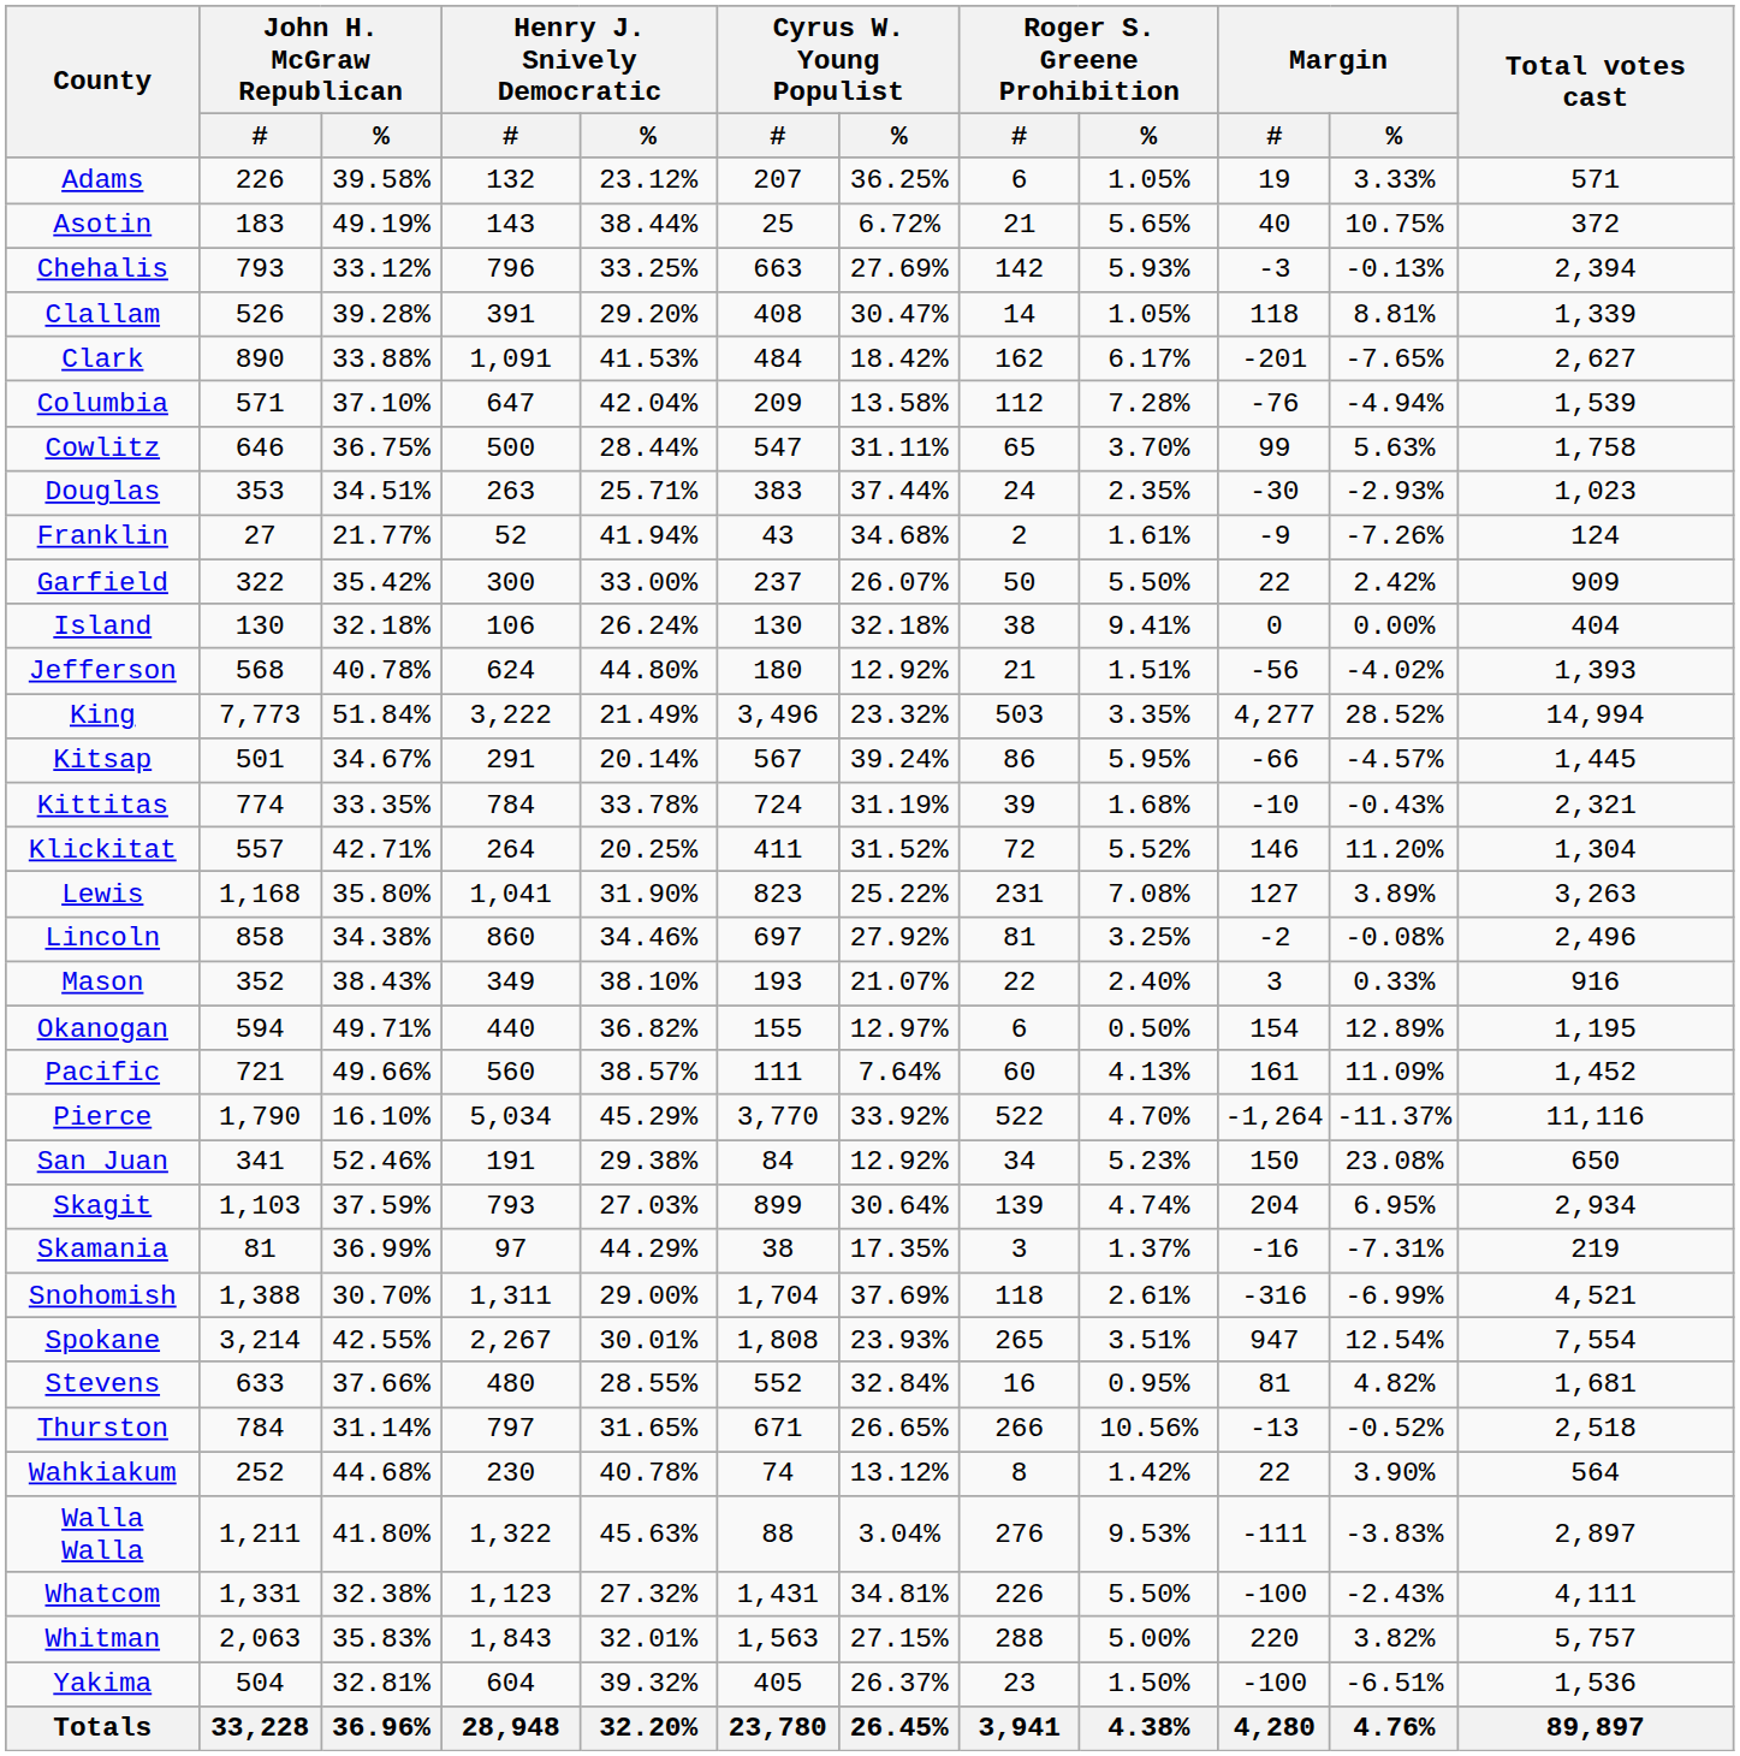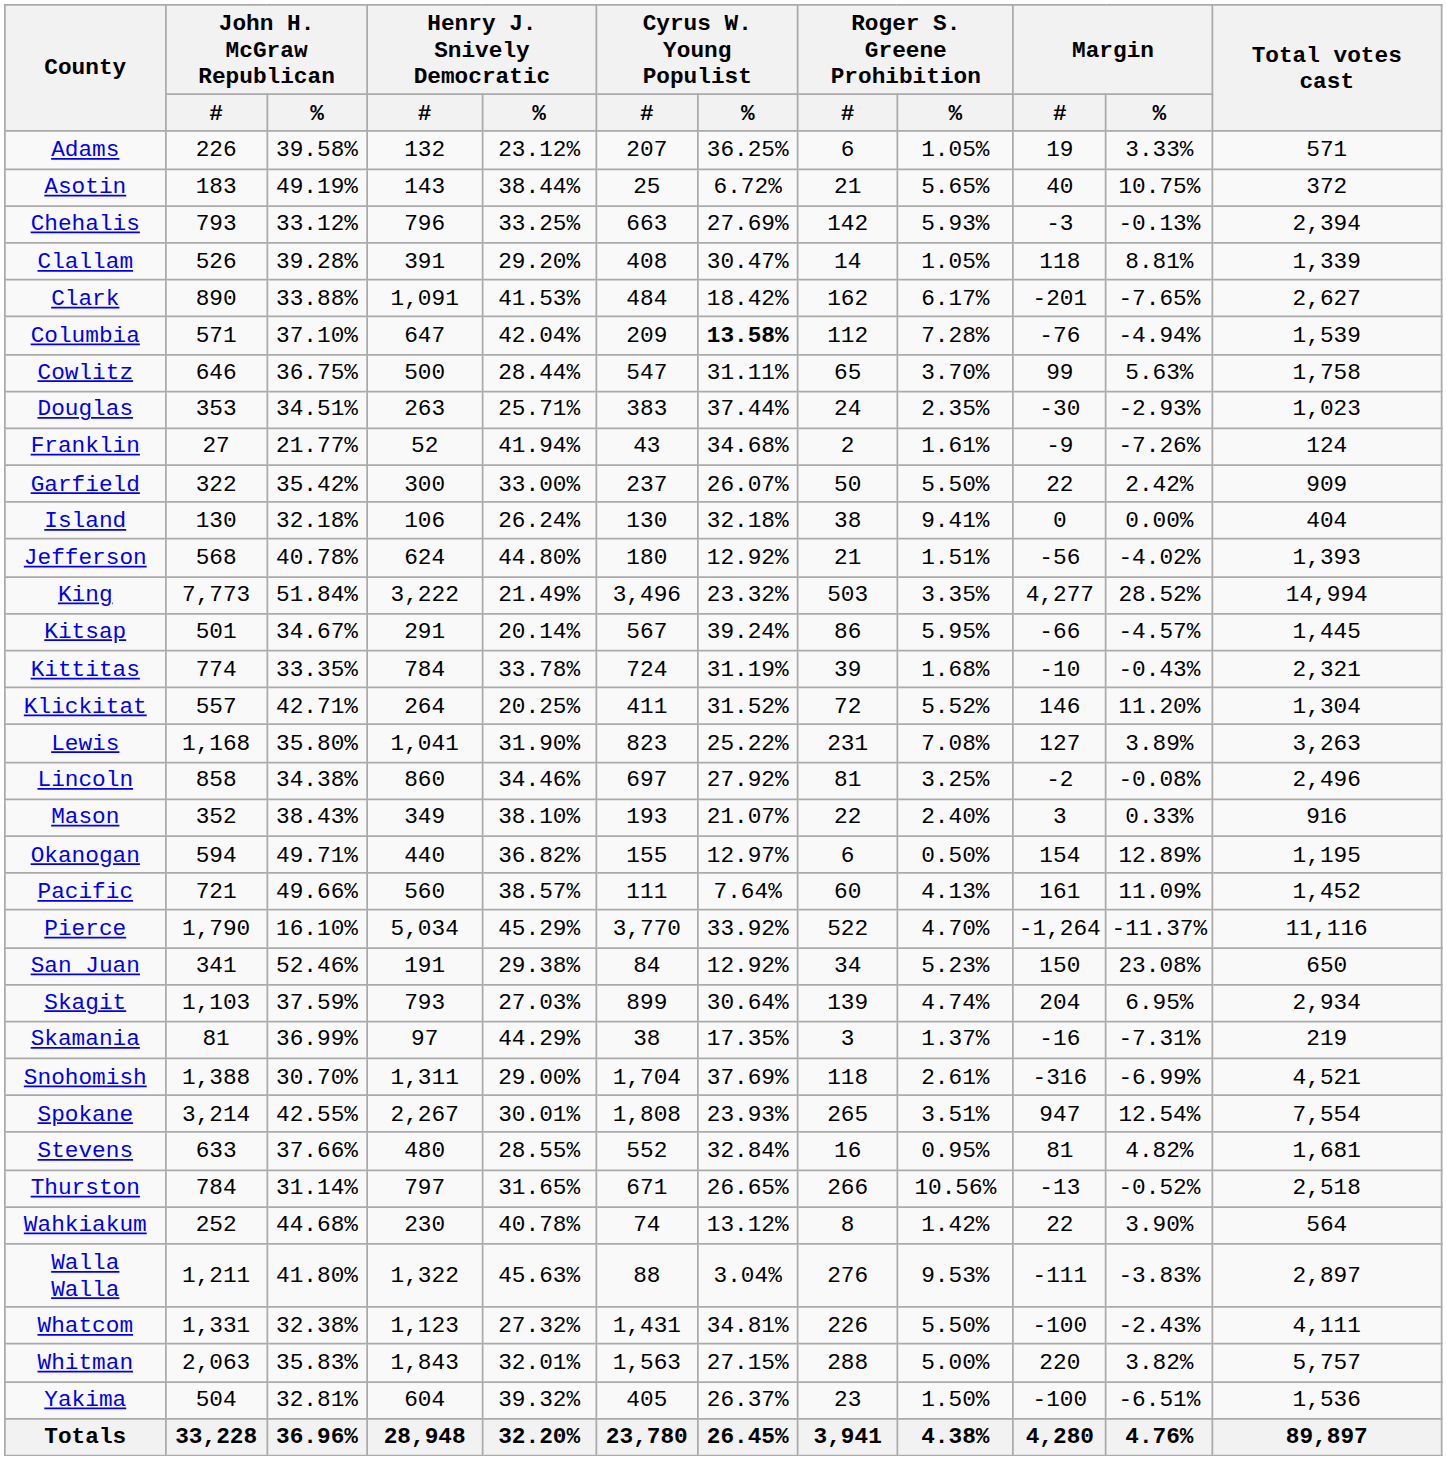 <table width="65%" class="wikitable sortable">
 <tr>
 <th style="text-align:center;" rowspan="2">County</th>
 <th style="text-align:center;" colspan="2">John H. McGraw<br>Republican</th>
 <th style="text-align:center;" colspan="2">Henry J. Snively<br>Democratic</th>
 <th style="text-align:center;" colspan="2">Cyrus W. Young<br>Populist</th>
 <th style="text-align:center;" colspan="2">Roger S. Greene<br>Prohibition</th>
 <th style="text-align:center;" colspan="2">Margin</th>
 <th style="text-align:center;" rowspan="2">Total votes cast</th>
 </tr>
 <tr bgcolor="lightgrey">
 <th style="text-align:center;" data-sort-type="number">#</th>
 <th style="text-align:center;" data-sort-type="number">%</th>
 <th style="text-align:center;" data-sort-type="number">#</th>
 <th style="text-align:center;" data-sort-type="number">%</th>
 <th style="text-align:center;" data-sort-type="number">#</th>
 <th style="text-align:center;" data-sort-type="number">%</th>
 <th style="text-align:center;" data-sort-type="number">#</th>
 <th style="text-align:center;" data-sort-type="number">%</th>
 <th style="text-align:center;" data-sort-type="number">#</th>
 <th style="text-align:center;" data-sort-type="number">%</th>
 </tr>
 <tr style="text-align:center;">
 <td><a href='#'>Adams</a></td>
 <td>226</td>
 <td>39.58%</td>
 <td>132</td>
 <td>23.12%</td>
 <td>207</td>
 <td>36.25%</td>
 <td>6</td>
 <td>1.05%</td>
 <td>19</td>
 <td>3.33%</td>
 <td>571</td>
 </tr>
 <tr style="text-align:center;">
 <td><a href='#'>Asotin</a></td>
 <td>183</td>
 <td>49.19%</td>
 <td>143</td>
 <td>38.44%</td>
 <td>25</td>
 <td>6.72%</td>
 <td>21</td>
 <td>5.65%</td>
 <td>40</td>
 <td>10.75%</td>
 <td>372</td>
 </tr>
 <tr style="text-align:center;">
 <td><a href='#'>Chehalis</a></td>
 <td>793</td>
 <td>33.12%</td>
 <td>796</td>
 <td>33.25%</td>
 <td>663</td>
 <td>27.69%</td>
 <td>142</td>
 <td>5.93%</td>
 <td>-3</td>
 <td>-0.13%</td>
 <td>2,394</td>
 </tr>
 <tr style="text-align:center;">
 <td><a href='#'>Clallam</a></td>
 <td>526</td>
 <td>39.28%</td>
 <td>391</td>
 <td>29.20%</td>
 <td>408</td>
 <td>30.47%</td>
 <td>14</td>
 <td>1.05%</td>
 <td>118</td>
 <td>8.81%</td>
 <td>1,339</td>
 </tr>
 <tr style="text-align:center;">
 <td><a href='#'>Clark</a></td>
 <td>890</td>
 <td>33.88%</td>
 <td>1,091</td>
 <td>41.53%</td>
 <td>484</td>
 <td>18.42%</td>
 <td>162</td>
 <td>6.17%</td>
 <td>-201</td>
 <td>-7.65%</td>
 <td>2,627</td>
 </tr>
 <tr style="text-align:center;">
 <td><a href='#'>Columbia</a></td>
 <td>571</td>
 <td>37.10%</td>
 <td>647</td>
 <td>42.04%</td>
 <td>209</td>
-<td>13.58%</td>
+<td><strong>13.58%</strong></td>
 <td>112</td>
 <td>7.28%</td>
 <td>-76</td>
 <td>-4.94%</td>
 <td>1,539</td>
 </tr>
 <tr style="text-align:center;">
 <td><a href='#'>Cowlitz</a></td>
 <td>646</td>
 <td>36.75%</td>
 <td>500</td>
 <td>28.44%</td>
 <td>547</td>
 <td>31.11%</td>
 <td>65</td>
 <td>3.70%</td>
 <td>99</td>
 <td>5.63%</td>
 <td>1,758</td>
 </tr>
 <tr style="text-align:center;">
 <td><a href='#'>Douglas</a></td>
 <td>353</td>
 <td>34.51%</td>
 <td>263</td>
 <td>25.71%</td>
 <td>383</td>
 <td>37.44%</td>
 <td>24</td>
 <td>2.35%</td>
 <td>-30</td>
 <td>-2.93%</td>
 <td>1,023</td>
 </tr>
 <tr style="text-align:center;">
 <td><a href='#'>Franklin</a></td>
 <td>27</td>
 <td>21.77%</td>
 <td>52</td>
 <td>41.94%</td>
 <td>43</td>
 <td>34.68%</td>
 <td>2</td>
 <td>1.61%</td>
 <td>-9</td>
 <td>-7.26%</td>
 <td>124</td>
 </tr>
 <tr style="text-align:center;">
 <td><a href='#'>Garfield</a></td>
 <td>322</td>
 <td>35.42%</td>
 <td>300</td>
 <td>33.00%</td>
 <td>237</td>
 <td>26.07%</td>
 <td>50</td>
 <td>5.50%</td>
 <td>22</td>
 <td>2.42%</td>
 <td>909</td>
 </tr>
 <tr style="text-align:center;">
 <td><a href='#'>Island</a></td>
 <td>130</td>
 <td>32.18%</td>
 <td>106</td>
 <td>26.24%</td>
 <td>130</td>
 <td>32.18%</td>
 <td>38</td>
 <td>9.41%</td>
 <td>0</td>
 <td>0.00%</td>
 <td>404</td>
 </tr>
 <tr style="text-align:center;">
 <td><a href='#'>Jefferson</a></td>
 <td>568</td>
 <td>40.78%</td>
 <td>624</td>
 <td>44.80%</td>
 <td>180</td>
 <td>12.92%</td>
 <td>21</td>
 <td>1.51%</td>
 <td>-56</td>
 <td>-4.02%</td>
 <td>1,393</td>
 </tr>
 <tr style="text-align:center;">
 <td><a href='#'>King</a></td>
 <td>7,773</td>
 <td>51.84%</td>
 <td>3,222</td>
 <td>21.49%</td>
 <td>3,496</td>
 <td>23.32%</td>
 <td>503</td>
 <td>3.35%</td>
 <td>4,277</td>
 <td>28.52%</td>
 <td>14,994</td>
 </tr>
 <tr style="text-align:center;">
 <td><a href='#'>Kitsap</a></td>
 <td>501</td>
 <td>34.67%</td>
 <td>291</td>
 <td>20.14%</td>
 <td>567</td>
 <td>39.24%</td>
 <td>86</td>
 <td>5.95%</td>
 <td>-66</td>
 <td>-4.57%</td>
 <td>1,445</td>
 </tr>
 <tr style="text-align:center;">
 <td><a href='#'>Kittitas</a></td>
 <td>774</td>
 <td>33.35%</td>
 <td>784</td>
 <td>33.78%</td>
 <td>724</td>
 <td>31.19%</td>
 <td>39</td>
 <td>1.68%</td>
 <td>-10</td>
 <td>-0.43%</td>
 <td>2,321</td>
 </tr>
 <tr style="text-align:center;">
 <td><a href='#'>Klickitat</a></td>
 <td>557</td>
 <td>42.71%</td>
 <td>264</td>
 <td>20.25%</td>
 <td>411</td>
 <td>31.52%</td>
 <td>72</td>
 <td>5.52%</td>
 <td>146</td>
 <td>11.20%</td>
 <td>1,304</td>
 </tr>
 <tr style="text-align:center;">
 <td><a href='#'>Lewis</a></td>
 <td>1,168</td>
 <td>35.80%</td>
 <td>1,041</td>
 <td>31.90%</td>
 <td>823</td>
 <td>25.22%</td>
 <td>231</td>
 <td>7.08%</td>
 <td>127</td>
 <td>3.89%</td>
 <td>3,263</td>
 </tr>
 <tr style="text-align:center;">
 <td><a href='#'>Lincoln</a></td>
 <td>858</td>
 <td>34.38%</td>
 <td>860</td>
 <td>34.46%</td>
 <td>697</td>
 <td>27.92%</td>
 <td>81</td>
 <td>3.25%</td>
 <td>-2</td>
 <td>-0.08%</td>
 <td>2,496</td>
 </tr>
 <tr style="text-align:center;">
 <td><a href='#'>Mason</a></td>
 <td>352</td>
 <td>38.43%</td>
 <td>349</td>
 <td>38.10%</td>
 <td>193</td>
 <td>21.07%</td>
 <td>22</td>
 <td>2.40%</td>
 <td>3</td>
 <td>0.33%</td>
 <td>916</td>
 </tr>
 <tr style="text-align:center;">
 <td><a href='#'>Okanogan</a></td>
 <td>594</td>
 <td>49.71%</td>
 <td>440</td>
 <td>36.82%</td>
 <td>155</td>
 <td>12.97%</td>
 <td>6</td>
 <td>0.50%</td>
 <td>154</td>
 <td>12.89%</td>
 <td>1,195</td>
 </tr>
 <tr style="text-align:center;">
 <td><a href='#'>Pacific</a></td>
 <td>721</td>
 <td>49.66%</td>
 <td>560</td>
 <td>38.57%</td>
 <td>111</td>
 <td>7.64%</td>
 <td>60</td>
 <td>4.13%</td>
 <td>161</td>
 <td>11.09%</td>
 <td>1,452</td>
 </tr>
 <tr style="text-align:center;">
 <td><a href='#'>Pierce</a></td>
 <td>1,790</td>
 <td>16.10%</td>
 <td>5,034</td>
 <td>45.29%</td>
 <td>3,770</td>
 <td>33.92%</td>
 <td>522</td>
 <td>4.70%</td>
 <td>-1,264</td>
 <td>-11.37%</td>
 <td>11,116</td>
 </tr>
 <tr style="text-align:center;">
 <td><a href='#'>San Juan</a></td>
 <td>341</td>
 <td>52.46%</td>
 <td>191</td>
 <td>29.38%</td>
 <td>84</td>
 <td>12.92%</td>
 <td>34</td>
 <td>5.23%</td>
 <td>150</td>
 <td>23.08%</td>
 <td>650</td>
 </tr>
 <tr style="text-align:center;">
 <td><a href='#'>Skagit</a></td>
 <td>1,103</td>
 <td>37.59%</td>
 <td>793</td>
 <td>27.03%</td>
 <td>899</td>
 <td>30.64%</td>
 <td>139</td>
 <td>4.74%</td>
 <td>204</td>
 <td>6.95%</td>
 <td>2,934</td>
 </tr>
 <tr style="text-align:center;">
 <td><a href='#'>Skamania</a></td>
 <td>81</td>
 <td>36.99%</td>
 <td>97</td>
 <td>44.29%</td>
 <td>38</td>
 <td>17.35%</td>
 <td>3</td>
 <td>1.37%</td>
 <td>-16</td>
 <td>-7.31%</td>
 <td>219</td>
 </tr>
 <tr style="text-align:center;">
 <td><a href='#'>Snohomish</a></td>
 <td>1,388</td>
 <td>30.70%</td>
 <td>1,311</td>
 <td>29.00%</td>
 <td>1,704</td>
 <td>37.69%</td>
 <td>118</td>
 <td>2.61%</td>
 <td>-316</td>
 <td>-6.99%</td>
 <td>4,521</td>
 </tr>
 <tr style="text-align:center;">
 <td><a href='#'>Spokane</a></td>
 <td>3,214</td>
 <td>42.55%</td>
 <td>2,267</td>
 <td>30.01%</td>
 <td>1,808</td>
 <td>23.93%</td>
 <td>265</td>
 <td>3.51%</td>
 <td>947</td>
 <td>12.54%</td>
 <td>7,554</td>
 </tr>
 <tr style="text-align:center;">
 <td><a href='#'>Stevens</a></td>
 <td>633</td>
 <td>37.66%</td>
 <td>480</td>
 <td>28.55%</td>
 <td>552</td>
 <td>32.84%</td>
 <td>16</td>
 <td>0.95%</td>
 <td>81</td>
 <td>4.82%</td>
 <td>1,681</td>
 </tr>
 <tr style="text-align:center;">
 <td><a href='#'>Thurston</a></td>
 <td>784</td>
 <td>31.14%</td>
 <td>797</td>
 <td>31.65%</td>
 <td>671</td>
 <td>26.65%</td>
 <td>266</td>
 <td>10.56%</td>
 <td>-13</td>
 <td>-0.52%</td>
 <td>2,518</td>
 </tr>
 <tr style="text-align:center;">
 <td><a href='#'>Wahkiakum</a></td>
 <td>252</td>
 <td>44.68%</td>
 <td>230</td>
 <td>40.78%</td>
 <td>74</td>
 <td>13.12%</td>
 <td>8</td>
 <td>1.42%</td>
 <td>22</td>
 <td>3.90%</td>
 <td>564</td>
 </tr>
 <tr style="text-align:center;">
 <td><a href='#'>Walla Walla</a></td>
 <td>1,211</td>
 <td>41.80%</td>
 <td>1,322</td>
 <td>45.63%</td>
 <td>88</td>
 <td>3.04%</td>
 <td>276</td>
 <td>9.53%</td>
 <td>-111</td>
 <td>-3.83%</td>
 <td>2,897</td>
 </tr>
 <tr style="text-align:center;">
 <td><a href='#'>Whatcom</a></td>
 <td>1,331</td>
 <td>32.38%</td>
 <td>1,123</td>
 <td>27.32%</td>
 <td>1,431</td>
 <td>34.81%</td>
 <td>226</td>
 <td>5.50%</td>
 <td>-100</td>
 <td>-2.43%</td>
 <td>4,111</td>
 </tr>
 <tr style="text-align:center;">
 <td><a href='#'>Whitman</a></td>
 <td>2,063</td>
 <td>35.83%</td>
 <td>1,843</td>
 <td>32.01%</td>
 <td>1,563</td>
 <td>27.15%</td>
 <td>288</td>
 <td>5.00%</td>
 <td>220</td>
 <td>3.82%</td>
 <td>5,757</td>
 </tr>
 <tr style="text-align:center;">
 <td><a href='#'>Yakima</a></td>
 <td>504</td>
 <td>32.81%</td>
 <td>604</td>
 <td>39.32%</td>
 <td>405</td>
 <td>26.37%</td>
 <td>23</td>
 <td>1.50%</td>
 <td>-100</td>
 <td>-6.51%</td>
 <td>1,536</td>
 </tr>
 <tr>
 <th>Totals</th>
 <th>33,228</th>
 <th>36.96%</th>
 <th>28,948</th>
 <th>32.20%</th>
 <th>23,780</th>
 <th>26.45%</th>
 <th>3,941</th>
 <th>4.38%</th>
 <th>4,280</th>
 <th>4.76%</th>
 <th>89,897</th>
 </tr>
 </table>
